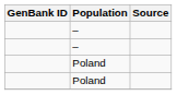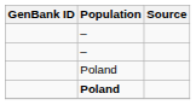 <table class="wikitable sortable">
 <tr>
 <th scope="col">GenBank ID</th>
 <th scope="col">Population</th>
 <th scope="col">Source</th>
 </tr>
 <tr>
 <td></td>
 <td>–</td>
 <td></td>
 </tr>
 <tr>
 <td></td>
 <td>–</td>
 <td></td>
 </tr>
 <tr>
 <td></td>
 <td>Poland</td>
 <td></td>
 </tr>
 <tr>
 <td></td>
-<td>Poland</td>
+<td><strong>Poland</strong></td>
 <td></td>
 </tr>
 <tr>
 </tr>
 </table>
